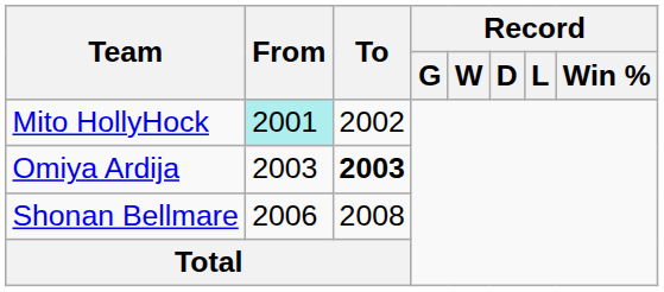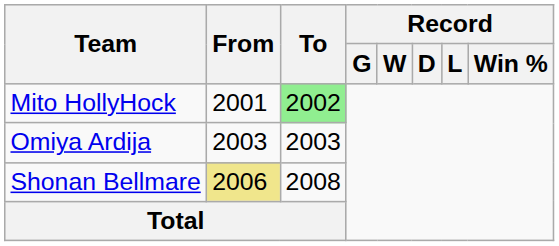 <table class="wikitable" style="text-align: center">
 <tr>
 <th rowspan="2">Team</th>
 <th rowspan="2">From</th>
 <th rowspan="2">To</th>
 <th colspan="5">Record</th>
 </tr>
 <tr>
 <th>G</th>
 <th>W</th>
 <th>D</th>
 <th>L</th>
 <th>Win %</th>
 </tr>
 <tr>
 <td align="left"><a href='#'>Mito HollyHock</a></td>
-<td align="left" style="background: paleturquoise;">2001</td>
-<td align="left">2002<br></td>
+<td align="left">2001</td>
+<td align="left" style="background: lightgreen;">2002<br></td>
 </tr>
 <tr>
 <td align="left"><a href='#'>Omiya Ardija</a></td>
 <td align="left">2003</td>
-<td align="left"><strong>2003<br></strong></td>
+<td align="left">2003<br></td>
 </tr>
 <tr>
 <td align="left"><a href='#'>Shonan Bellmare</a></td>
-<td align="left">2006</td>
+<td align="left" style="background: khaki;">2006</td>
 <td align="left">2008<br></td>
 </tr>
 <tr>
 <th colspan="3">Total<br></th>
 </tr>
 </table>
